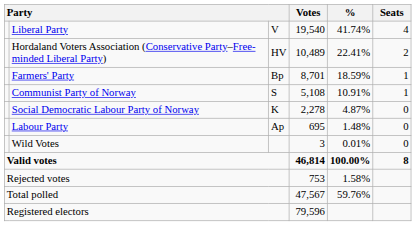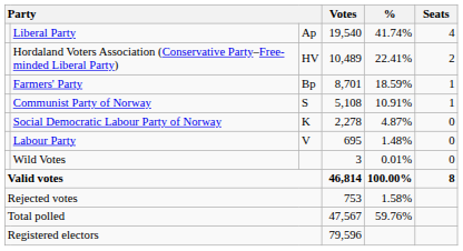 <table class="wikitable" border="1" style="text-align:right;">
 <tr>
 <th style="text-align:left;" colspan=3>Party</th>
 <th align=center width="50">Votes</th>
 <th align=center width="50">%</th>
 <th align=center width="50">Seats</th>
 </tr>
 <tr>
 <td style="color:inherit;background:"></td>
 <td align=left><a href='#'>Liberal Party</a></td>
-<td align=left>V</td>
+<td align=left>Ap</td>
 <td>19,540</td>
 <td>41.74%</td>
 <td>4</td>
 </tr>
 <tr>
 <td></td>
 <td align=left>Hordaland Voters Association (<a href='#'>Conservative Party</a>–<a href='#'>Free-minded Liberal Party</a>)</td>
 <td align=left>HV</td>
 <td>10,489</td>
 <td>22.41%</td>
 <td>2</td>
 </tr>
 <tr>
 <td style="color:inherit;background:"></td>
 <td align=left><a href='#'>Farmers' Party</a></td>
 <td align=left>Bp</td>
 <td>8,701</td>
 <td>18.59%</td>
 <td>1</td>
 </tr>
 <tr>
 <td style="color:inherit;background:"></td>
 <td align=left><a href='#'>Communist Party of Norway</a></td>
 <td align=left>S</td>
 <td>5,108</td>
 <td>10.91%</td>
 <td>1</td>
 </tr>
 <tr>
 <td style="color:inherit;background:"></td>
 <td align=left><a href='#'>Social Democratic Labour Party of Norway</a></td>
 <td align=left>K</td>
 <td>2,278</td>
 <td>4.87%</td>
 <td>0</td>
 </tr>
 <tr>
 <td style="color:inherit;background:"></td>
 <td align=left><a href='#'>Labour Party</a></td>
-<td align=left>Ap</td>
+<td align=left>V</td>
 <td>695</td>
 <td>1.48%</td>
 <td>0</td>
 </tr>
 <tr>
 <td></td>
 <td align=left>Wild Votes</td>
 <td align=left></td>
 <td>3</td>
 <td>0.01%</td>
 <td>0</td>
 </tr>
 <tr style="font-weight:bold">
 <td align=left colspan=3>Valid votes</td>
 <td>46,814</td>
 <td>100.00%</td>
 <td>8</td>
 </tr>
 <tr>
 <td align=left colspan=3>Rejected votes</td>
 <td>753</td>
 <td>1.58%</td>
 <td></td>
 </tr>
 <tr>
 <td align=left colspan=3>Total polled</td>
 <td>47,567</td>
 <td>59.76%</td>
 <td></td>
 </tr>
 <tr>
 <td align=left colspan=3>Registered electors</td>
 <td>79,596</td>
 <td></td>
 <td></td>
 </tr>
 </table>
